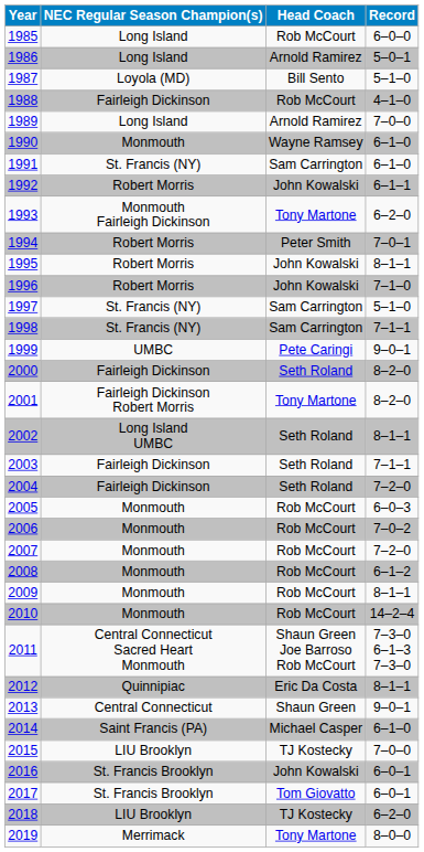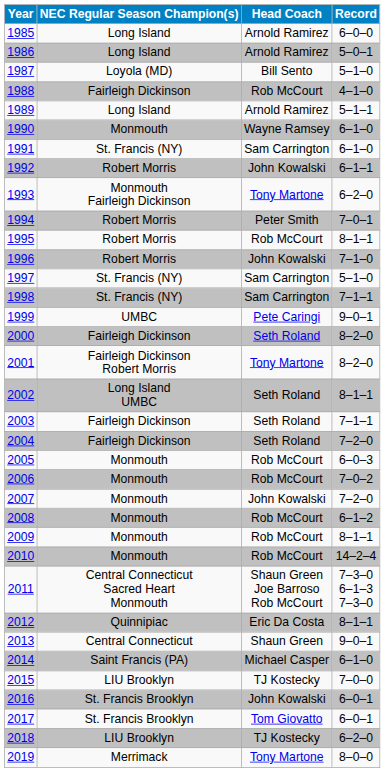 <table class="wikitable" style="border: 2px solid dark blue;">
 <tr>
 <th align="center" style="background:#0081C4; color:#FFFFFF;">Year</th>
 <th align="center" style="background:#0081C4; color:#FFFFFF;">NEC Regular Season Champion(s)</th>
 <th align="center" style="background:#0081C4; color:#FFFFFF;">Head Coach</th>
 <th align="center" style="background:#0081C4; color:#FFFFFF;">Record</th>
 </tr>
 <tr align=center>
 <td><a href='#'>1985</a></td>
 <td>Long Island</td>
-<td>Rob McCourt</td>
+<td>Arnold Ramirez</td>
 <td>6–0–0</td>
 </tr>
 <tr align=center>
 <td style=background:silver><a href='#'>1986</a></td>
 <td style=background:silver>Long Island</td>
 <td style=background:silver>Arnold Ramirez</td>
 <td style=background:silver>5–0–1</td>
 </tr>
 <tr align=center>
 <td><a href='#'>1987</a></td>
 <td>Loyola (MD)</td>
 <td>Bill Sento</td>
 <td>5–1–0</td>
 </tr>
 <tr align=center>
 <td style=background:silver><a href='#'>1988</a></td>
 <td style=background:silver>Fairleigh Dickinson</td>
 <td style=background:silver>Rob McCourt</td>
 <td style=background:silver>4–1–0</td>
 </tr>
 <tr align=center>
 <td><a href='#'>1989</a></td>
 <td>Long Island</td>
 <td>Arnold Ramirez</td>
-<td>7–0–0</td>
+<td>5–1–1</td>
 </tr>
 <tr align=center>
 <td style=background:silver><a href='#'>1990</a></td>
 <td style=background:silver>Monmouth</td>
 <td style=background:silver>Wayne Ramsey</td>
 <td style=background:silver>6–1–0</td>
 </tr>
 <tr align=center>
 <td><a href='#'>1991</a></td>
 <td>St. Francis (NY)</td>
 <td>Sam Carrington</td>
 <td>6–1–0</td>
 </tr>
 <tr align=center>
 <td style=background:silver><a href='#'>1992</a></td>
 <td style=background:silver>Robert Morris</td>
 <td style=background:silver>John Kowalski</td>
 <td style=background:silver>6–1–1</td>
 </tr>
 <tr align=center>
 <td><a href='#'>1993</a></td>
 <td>Monmouth<br>Fairleigh Dickinson</td>
 <td><a href='#'>Tony Martone</a></td>
 <td>6–2–0</td>
 </tr>
 <tr align=center>
 <td style=background:silver><a href='#'>1994</a></td>
 <td style=background:silver>Robert Morris</td>
 <td style=background:silver>Peter Smith</td>
 <td style=background:silver>7–0–1</td>
 </tr>
 <tr align=center>
 <td><a href='#'>1995</a></td>
 <td>Robert Morris</td>
-<td>John Kowalski</td>
+<td>Rob McCourt</td>
 <td>8–1–1</td>
 </tr>
 <tr align=center>
 <td style=background:silver><a href='#'>1996</a></td>
 <td style=background:silver>Robert Morris</td>
 <td style=background:silver>John Kowalski</td>
 <td style=background:silver>7–1–0</td>
 </tr>
 <tr align=center>
 <td><a href='#'>1997</a></td>
 <td>St. Francis (NY)</td>
 <td>Sam Carrington</td>
 <td>5–1–0</td>
 </tr>
 <tr align=center>
 <td style=background:silver><a href='#'>1998</a></td>
 <td style=background:silver>St. Francis (NY)</td>
 <td style=background:silver>Sam Carrington</td>
 <td style=background:silver>7–1–1</td>
 </tr>
 <tr align=center>
 <td><a href='#'>1999</a></td>
 <td>UMBC</td>
 <td><a href='#'>Pete Caringi</a></td>
 <td>9–0–1</td>
 </tr>
 <tr align=center>
 <td style=background:silver><a href='#'>2000</a></td>
 <td style=background:silver>Fairleigh Dickinson</td>
 <td style=background:silver><a href='#'>Seth Roland</a></td>
 <td style=background:silver>8–2–0</td>
 </tr>
 <tr align=center>
 <td><a href='#'>2001</a></td>
 <td>Fairleigh Dickinson<br>Robert Morris</td>
 <td><a href='#'>Tony Martone</a></td>
 <td>8–2–0</td>
 </tr>
 <tr align=center>
 <td style=background:silver><a href='#'>2002</a></td>
 <td style=background:silver>Long Island<br>UMBC</td>
 <td style=background:silver>Seth Roland</td>
 <td style=background:silver>8–1–1</td>
 </tr>
 <tr align=center>
 <td><a href='#'>2003</a></td>
 <td>Fairleigh Dickinson</td>
 <td>Seth Roland</td>
 <td>7–1–1</td>
 </tr>
 <tr align=center>
 <td style=background:silver><a href='#'>2004</a></td>
 <td style=background:silver>Fairleigh Dickinson</td>
 <td style=background:silver>Seth Roland</td>
 <td style=background:silver>7–2–0</td>
 </tr>
 <tr align=center>
 <td><a href='#'>2005</a></td>
 <td>Monmouth</td>
 <td>Rob McCourt</td>
 <td>6–0–3</td>
 </tr>
 <tr align=center>
 <td style=background:silver><a href='#'>2006</a></td>
 <td style=background:silver>Monmouth</td>
 <td style=background:silver>Rob McCourt</td>
 <td style=background:silver>7–0–2</td>
 </tr>
 <tr align=center>
 <td><a href='#'>2007</a></td>
 <td>Monmouth</td>
-<td>Rob McCourt</td>
+<td>John Kowalski</td>
 <td>7–2–0</td>
 </tr>
 <tr align=center>
 <td style=background:silver><a href='#'>2008</a></td>
 <td style=background:silver>Monmouth</td>
 <td style=background:silver>Rob McCourt</td>
 <td style=background:silver>6–1–2</td>
 </tr>
 <tr align=center>
 <td><a href='#'>2009</a></td>
 <td>Monmouth</td>
 <td>Rob McCourt</td>
 <td>8–1–1</td>
 </tr>
 <tr align=center>
 <td style=background:silver><a href='#'>2010</a></td>
 <td style=background:silver>Monmouth</td>
 <td style=background:silver>Rob McCourt</td>
 <td style=background:silver>14–2–4</td>
 </tr>
 <tr align=center>
 <td><a href='#'>2011</a></td>
 <td>Central Connecticut<br>Sacred Heart<br>Monmouth</td>
 <td>Shaun Green<br>Joe Barroso<br>Rob McCourt</td>
 <td>7–3–0<br>6–1–3<br>7–3–0</td>
 </tr>
 <tr align=center>
 <td style=background:silver><a href='#'>2012</a></td>
 <td style=background:silver>Quinnipiac</td>
 <td style=background:silver>Eric Da Costa</td>
 <td style=background:silver>8–1–1</td>
 </tr>
 <tr align=center>
 <td><a href='#'>2013</a></td>
 <td>Central Connecticut</td>
 <td>Shaun Green</td>
 <td>9–0–1</td>
 </tr>
 <tr align=center>
 <td style=background:silver><a href='#'>2014</a></td>
 <td style=background:silver>Saint Francis (PA)</td>
 <td style=background:silver>Michael Casper</td>
 <td style=background:silver>6–1–0</td>
 </tr>
 <tr align=center>
 <td><a href='#'>2015</a></td>
 <td>LIU Brooklyn</td>
 <td>TJ Kostecky</td>
 <td>7–0–0</td>
 </tr>
 <tr align=center>
 <td style=background:silver><a href='#'>2016</a></td>
 <td style=background:silver>St. Francis Brooklyn</td>
 <td style=background:silver>John Kowalski</td>
 <td style=background:silver>6–0–1</td>
 </tr>
 <tr align=center>
 <td><a href='#'>2017</a></td>
 <td>St. Francis Brooklyn</td>
 <td><a href='#'>Tom Giovatto</a></td>
 <td>6–0–1</td>
 </tr>
 <tr align=center>
 <td style=background:silver><a href='#'>2018</a></td>
 <td style=background:silver>LIU Brooklyn</td>
 <td style=background:silver>TJ Kostecky</td>
 <td style=background:silver>6–2–0</td>
 </tr>
 <tr align=center>
 <td><a href='#'>2019</a></td>
 <td>Merrimack</td>
 <td><a href='#'>Tony Martone</a></td>
 <td>8–0–0</td>
 </tr>
 </table>
